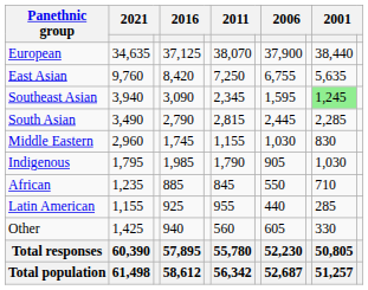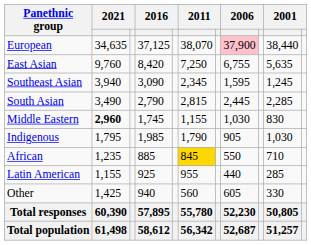 <table class="wikitable collapsible sortable">
 <tr>
 <th rowspan="2"><a href='#'>Panethnic</a><br>group</th>
 <th colspan="2">2021</th>
 <th colspan="2">2016</th>
 <th colspan="2">2011</th>
 <th colspan="2">2006</th>
 <th colspan="2">2001</th>
 </tr>
 <tr>
 <th><a href='#'></a></th>
 <th></th>
 <th></th>
 <th></th>
 <th></th>
 <th></th>
 <th></th>
 <th></th>
 <th></th>
 <th></th>
 </tr>
 <tr>
 <td><a href='#'>European</a></td>
 <td>34,635</td>
 <td></td>
 <td>37,125</td>
 <td></td>
 <td>38,070</td>
 <td></td>
-<td>37,900</td>
+<td style="background: pink;">37,900</td>
 <td></td>
 <td>38,440</td>
 <td></td>
 </tr>
 <tr>
 <td><a href='#'>East Asian</a></td>
 <td>9,760</td>
 <td></td>
 <td>8,420</td>
 <td></td>
 <td>7,250</td>
 <td></td>
 <td>6,755</td>
 <td></td>
 <td>5,635</td>
 <td></td>
 </tr>
 <tr>
 <td><a href='#'>Southeast Asian</a></td>
 <td>3,940</td>
 <td></td>
 <td>3,090</td>
 <td></td>
 <td>2,345</td>
 <td></td>
 <td>1,595</td>
 <td></td>
-<td style="background: lightgreen;">1,245</td>
+<td>1,245</td>
 <td></td>
 </tr>
 <tr>
 <td><a href='#'>South Asian</a></td>
 <td>3,490</td>
 <td></td>
 <td>2,790</td>
 <td></td>
 <td>2,815</td>
 <td></td>
 <td>2,445</td>
 <td></td>
 <td>2,285</td>
 <td></td>
 </tr>
 <tr>
 <td><a href='#'>Middle Eastern</a></td>
-<td>2,960</td>
+<td><strong>2,960</strong></td>
 <td></td>
 <td>1,745</td>
 <td></td>
 <td>1,155</td>
 <td></td>
 <td>1,030</td>
 <td></td>
 <td>830</td>
 <td></td>
 </tr>
 <tr>
 <td><a href='#'>Indigenous</a></td>
 <td>1,795</td>
 <td></td>
 <td>1,985</td>
 <td></td>
 <td>1,790</td>
 <td></td>
 <td>905</td>
 <td></td>
 <td>1,030</td>
 <td></td>
 </tr>
 <tr>
 <td><a href='#'>African</a></td>
 <td>1,235</td>
 <td></td>
 <td>885</td>
 <td></td>
-<td>845</td>
+<td style="background: gold;">845</td>
 <td></td>
 <td>550</td>
 <td></td>
 <td>710</td>
 <td></td>
 </tr>
 <tr>
 <td><a href='#'>Latin American</a></td>
 <td>1,155</td>
 <td></td>
 <td>925</td>
 <td></td>
 <td>955</td>
 <td></td>
 <td>440</td>
 <td></td>
 <td>285</td>
 <td></td>
 </tr>
 <tr>
 <td>Other</td>
 <td>1,425</td>
 <td></td>
 <td>940</td>
 <td></td>
 <td>560</td>
 <td></td>
 <td>605</td>
 <td></td>
 <td>330</td>
 <td></td>
 </tr>
 <tr>
 <th>Total responses</th>
 <th>60,390</th>
 <th></th>
 <th>57,895</th>
 <th></th>
 <th>55,780</th>
 <th></th>
 <th>52,230</th>
 <th></th>
 <th>50,805</th>
 <th></th>
 </tr>
 <tr>
 <th>Total population</th>
 <th>61,498</th>
 <th></th>
 <th>58,612</th>
 <th></th>
 <th>56,342</th>
 <th></th>
 <th>52,687</th>
 <th></th>
 <th>51,257</th>
 <th></th>
 </tr>
 </table>
